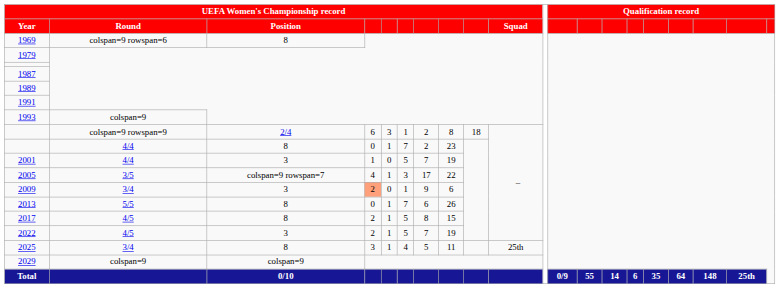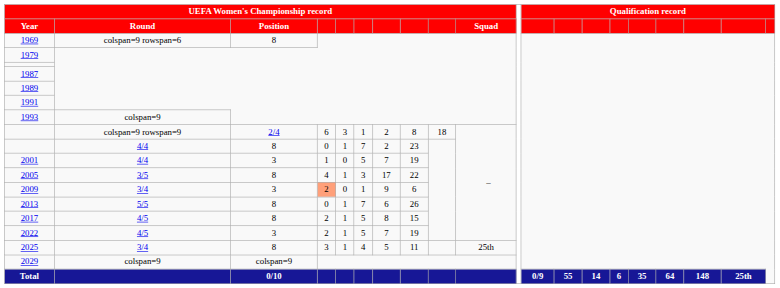 <table class="wikitable" style="font-size:90%; text-align:center;" width="100%" class="wikitable">
 <tr>
 <th colspan=10 style="background:#ff0000; color:white; ">UEFA Women's Championship record</th>
 <th width="1" rowspan=100 style="background:#FFFFFF; color:white"></th>
 <th colspan=9 style="background:#ff0000; color:white; ">Qualification record</th>
 </tr>
 <tr>
 <th style="background:#ff0000; color:white; ">Year</th>
 <th style="background:#ff0000; color:white; ">Round</th>
 <th style="background:#ff0000; color:white; ">Position</th>
 <th style="background:#ff0000; color:white; "></th>
 <th style="background:#ff0000; color:white; "></th>
 <th style="background:#ff0000; color:white; "></th>
 <th style="background:#ff0000; color:white; "></th>
 <th style="background:#ff0000; color:white; "></th>
 <th style="background:#ff0000; color:white; "></th>
 <th style="background:#ff0000; color:white; ">Squad<br></th>
 <th style="background:#ff0000; color:white; "></th>
 <th style="background:#ff0000; color:white; "></th>
 <th style="background:#ff0000; color:white; "></th>
 <th style="background:#ff0000; color:white; "></th>
 <th style="background:#ff0000; color:white; "></th>
 <th style="background:#ff0000; color:white; "></th>
 <th style="background:#ff0000; color:white; "></th>
 <th style="background:#ff0000; color:white; "></th>
 <th style="background:#ff0000; color:white; "></th>
 </tr>
 <tr>
 <td> <a href='#'>1969</a></td>
 <td>colspan=9 rowspan=6 </td>
 <td>8</td>
 </tr>
 <tr>
 <td> <a href='#'>1979</a></td>
 </tr>
 <tr>
 <td></td>
 </tr>
 <tr>
 <td> <a href='#'>1987</a></td>
 </tr>
 <tr>
 <td> <a href='#'>1989</a></td>
 </tr>
 <tr>
 <td> <a href='#'>1991</a></td>
 </tr>
 <tr>
 <td> <a href='#'>1993</a></td>
 <td>colspan=9 </td>
 </tr>
 <tr>
 <td></td>
 <td>colspan=9 rowspan=9 </td>
 <td><a href='#'>2/4</a></td>
 <td>6</td>
 <td>3</td>
 <td>1</td>
 <td>2</td>
 <td>8</td>
 <td>18</td>
 <td colspan=2 rowspan=8>–</td>
 </tr>
 <tr>
 <td></td>
 <td><a href='#'>4/4</a></td>
 <td>8</td>
 <td>0</td>
 <td>1</td>
 <td>7</td>
 <td>2</td>
 <td>23</td>
 </tr>
 <tr>
 <td> <a href='#'>2001</a></td>
 <td><a href='#'>4/4</a></td>
 <td>3</td>
 <td>1</td>
 <td>0</td>
 <td>5</td>
 <td>7</td>
 <td>19</td>
 </tr>
 <tr>
 <td> <a href='#'>2005</a></td>
 <td><a href='#'>3/5</a></td>
-<td>colspan=9 rowspan=7 </td>
+<td>8</td>
 <td>4</td>
 <td>1</td>
 <td>3</td>
 <td>17</td>
 <td>22</td>
 </tr>
 <tr>
 <td> <a href='#'>2009</a></td>
 <td><a href='#'>3/4</a></td>
 <td>3</td>
 <td style="background: lightsalmon;">2</td>
 <td>0</td>
 <td>1</td>
 <td>9</td>
 <td>6</td>
 </tr>
 <tr>
 <td> <a href='#'>2013</a></td>
 <td><a href='#'>5/5</a></td>
 <td>8</td>
 <td>0</td>
 <td>1</td>
 <td>7</td>
 <td>6</td>
 <td>26</td>
 </tr>
 <tr>
 <td> <a href='#'>2017</a></td>
 <td><a href='#'>4/5</a></td>
 <td>8</td>
 <td>2</td>
 <td>1</td>
 <td>5</td>
 <td>8</td>
 <td>15</td>
 </tr>
 <tr>
 <td> <a href='#'>2022</a></td>
 <td><a href='#'>4/5</a></td>
 <td>3</td>
 <td>2</td>
 <td>1</td>
 <td>5</td>
 <td>7</td>
 <td>19</td>
 </tr>
 <tr>
 <td> <a href='#'>2025</a></td>
 <td><a href='#'>3/4</a></td>
 <td>8</td>
 <td>3</td>
 <td>1</td>
 <td>4</td>
 <td>5</td>
 <td>11</td>
 <td></td>
 <td>25th</td>
 </tr>
 <tr>
 <td><a href='#'>2029</a></td>
 <td>colspan=9 </td>
 <td>colspan=9 </td>
 </tr>
 <tr>
 <th style="background:#171796; color:white; ">Total</th>
 <th style="background:#171796; color:white; "></th>
 <th style="background:#171796; color:white; ">0/10</th>
 <th style="background:#171796; color:white; "></th>
 <th style="background:#171796; color:white; "></th>
 <th style="background:#171796; color:white; "></th>
 <th style="background:#171796; color:white; "></th>
 <th style="background:#171796; color:white; "></th>
 <th style="background:#171796; color:white; "></th>
 <th style="background:#171796; color:white; "></th>
 <th style="background:#171796; color:white; ">0/9</th>
 <th style="background:#171796; color:white; ">55</th>
 <th style="background:#171796; color:white; ">14</th>
 <th style="background:#171796; color:white; ">6</th>
 <th style="background:#171796; color:white; ">35</th>
 <th style="background:#171796; color:white; ">64</th>
 <th style="background:#171796; color:white; ">148</th>
 <th style="background:#171796; color:white; ">25th</th>
 </tr>
 </table>
